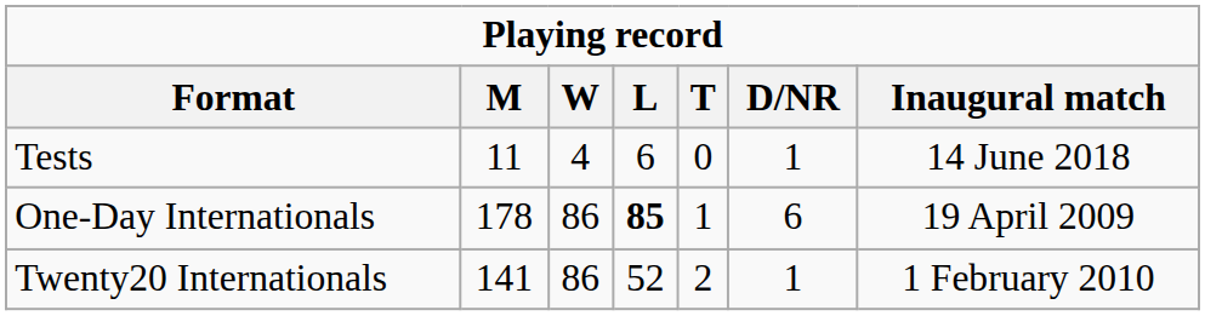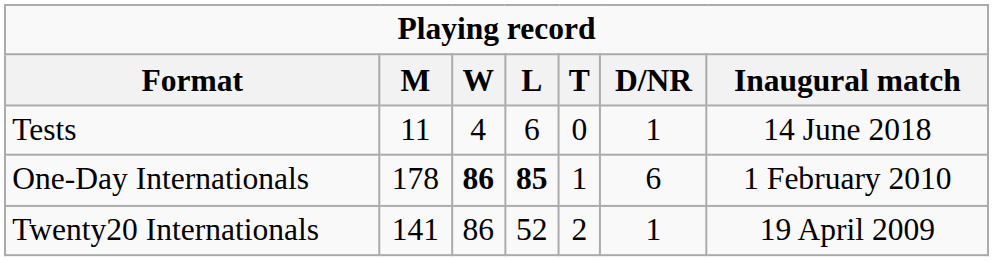 <table class="wikitable" style="text-align: center; width: 500px;">
 <tr>
 <td colspan="7" style="text-align:center;"><strong>Playing record</strong></td>
 </tr>
 <tr>
 <th>Format</th>
 <th>M</th>
 <th>W</th>
 <th>L</th>
 <th>T</th>
 <th>D/NR</th>
 <th>Inaugural match</th>
 </tr>
 <tr>
 <td style="text-align:left;">Tests</td>
 <td>11</td>
 <td>4</td>
 <td>6</td>
 <td>0</td>
 <td>1</td>
 <td>14 June 2018</td>
 </tr>
 <tr>
 <td style="text-align:left;">One-Day Internationals</td>
 <td>178</td>
-<td>86</td>
+<td><strong>86</strong></td>
 <td><strong>85</strong></td>
 <td>1</td>
 <td>6</td>
-<td>19 April 2009</td>
+<td>1 February 2010</td>
 </tr>
 <tr>
 <td style="text-align:left;">Twenty20 Internationals</td>
 <td>141</td>
 <td>86</td>
 <td>52</td>
 <td>2</td>
 <td>1</td>
-<td>1 February 2010</td>
+<td>19 April 2009</td>
 </tr>
 </table>
